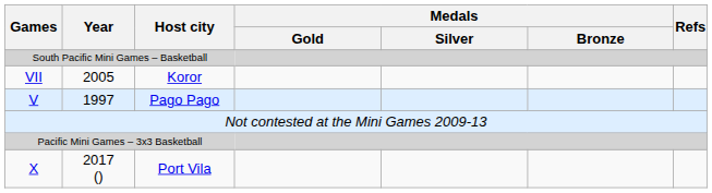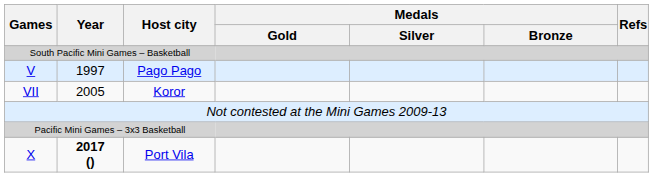 <table class=wikitable style="text-align:center;">
 <tr>
 <th rowspan="2" style="width:3.9em; padding:1px;">Games</th>
 <th rowspan="2" style="width:4.9em; padding:1px;">Year</th>
 <th rowspan="2" style="width:6.9em; padding:1px;">Host city</th>
 <th colspan="3">Medals</th>
 <th rowspan="2" style="width:2.1em; padding:1px;">Refs</th>
 </tr>
 <tr>
 <th style="width:9.9em;">Gold</th>
 <th style="width:9.9em;">Silver</th>
 <th style="width:9.9em;">Bronze</th>
 </tr>
 <tr bgcolor=lightgrey style="line-height:13px; font-size:72%; text-align:center;">
 <td colspan="3" style="border-right:0px;">South Pacific Mini Games – Basketball</td>
 <td colspan="4" style="border-left:0px;"> </td>
 </tr>
+<tr bgcolor=#ddeeff>
+<td><a href='#'>V</a></td>
+<td>1997 </td>
+<td><a href='#'>Pago Pago</a></td>
+<td></td>
+<td></td>
+<td></td>
+<td></td>
+</tr>
 <tr>
 <td><a href='#'>VII</a></td>
 <td>2005 </td>
 <td><a href='#'>Koror</a></td>
 <td></td>
 <td></td>
 <td><br></td>
 <td style="line-height:0.7;"></td>
 </tr>
 <tr bgcolor=#ddeeff>
-<td><a href='#'>V</a></td>
-<td>1997 </td>
-<td><a href='#'>Pago Pago</a></td>
-<td></td>
-<td></td>
-<td></td>
-<td></td>
-</tr>
-<tr bgcolor=#ddeeff>
 <td colspan="7" align=center><em>Not contested at the Mini Games 2009-13</em></td>
 </tr>
 <tr bgcolor=lightgrey style="line-height:13px; font-size:72%; text-align:center;">
 <td colspan="3" style="border-right:0px;">Pacific Mini Games – 3x3 Basketball</td>
 <td colspan="4" style="border-left:0px;"> </td>
 </tr>
 <tr>
 <td><a href='#'>X</a></td>
-<td>2017<br> ()</td>
+<td><strong>2017<br> ()</strong></td>
 <td><a href='#'>Port Vila</a></td>
 <td><br></td>
 <td><br></td>
 <td><br></td>
 <td style="line-height:0.7;"><br><br></td>
 </tr>
 </table>
